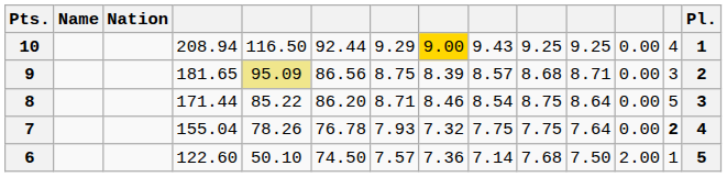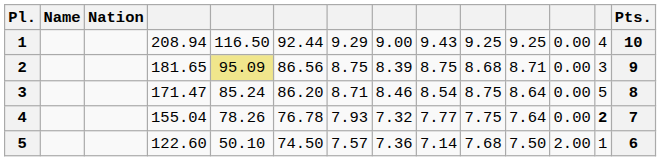 <table class="wikitable sortable" style="text-align:center">
 <tr>
-<th>Pts.</th>
+<th>Pl.</th>
 <th>Name</th>
 <th>Nation</th>
 <th></th>
 <th></th>
 <th></th>
 <th></th>
 <th></th>
 <th></th>
 <th></th>
 <th></th>
 <th></th>
 <th></th>
-<th>Pl.</th>
+<th>Pts.</th>
 </tr>
 <tr>
-<th>10</th>
+<th>1</th>
 <td align="left"></td>
 <td align="left"></td>
 <td>208.94</td>
 <td>116.50</td>
 <td>92.44</td>
 <td>9.29</td>
-<td style="background: gold;">9.00</td>
+<td>9.00</td>
 <td>9.43</td>
 <td>9.25</td>
 <td>9.25</td>
 <td>0.00</td>
 <td>4</td>
-<th>1</th>
+<th>10</th>
 </tr>
 <tr>
-<th>9</th>
+<th>2</th>
 <td align="left"></td>
 <td align="left"></td>
 <td>181.65</td>
 <td style="background: khaki;">95.09</td>
 <td>86.56</td>
 <td>8.75</td>
 <td>8.39</td>
-<td>8.57</td>
+<td>8.75</td>
 <td>8.68</td>
 <td>8.71</td>
 <td>0.00</td>
 <td>3</td>
-<th>2</th>
+<th>9</th>
 </tr>
 <tr>
-<th>8</th>
+<th>3</th>
 <td align="left"></td>
 <td align="left"></td>
-<td>171.44</td>
-<td>85.22</td>
+<td>171.47</td>
+<td>85.24</td>
 <td>86.20</td>
 <td>8.71</td>
 <td>8.46</td>
 <td>8.54</td>
 <td>8.75</td>
 <td>8.64</td>
 <td>0.00</td>
 <td>5</td>
-<th>3</th>
+<th>8</th>
 </tr>
 <tr>
-<th>7</th>
+<th>4</th>
 <td align="left"></td>
 <td align="left"></td>
 <td>155.04</td>
 <td>78.26</td>
 <td>76.78</td>
 <td>7.93</td>
 <td>7.32</td>
-<td>7.75</td>
+<td>7.77</td>
 <td>7.75</td>
 <td>7.64</td>
 <td>0.00</td>
 <td><strong>2</strong></td>
-<th>4</th>
+<th>7</th>
 </tr>
 <tr>
-<th>6</th>
+<th>5</th>
 <td align="left"></td>
 <td align="left"></td>
 <td>122.60</td>
 <td>50.10</td>
 <td>74.50</td>
 <td>7.57</td>
 <td>7.36</td>
 <td>7.14</td>
 <td>7.68</td>
 <td>7.50</td>
 <td>2.00</td>
 <td>1</td>
-<th>5</th>
+<th>6</th>
 </tr>
 </table>
